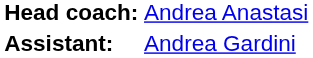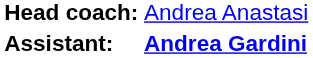 <table>
 <tr>
 <td><strong>Head coach:</strong></td>
 <td><a href='#'>Andrea Anastasi</a></td>
 </tr>
 <tr>
 <td><strong>Assistant:</strong></td>
-<td><a href='#'>Andrea Gardini</a></td>
+<td><strong><a href='#'>Andrea Gardini</a></strong></td>
 </tr>
 </table>
